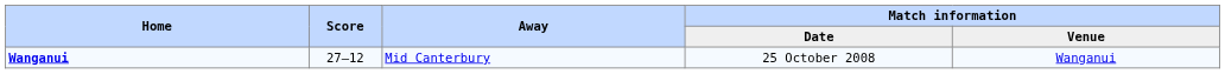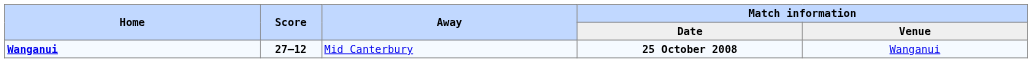 <table border=1 style="border-collapse:collapse;text-align:center" cellpadding=3 cellspacing=0 width=100%>
 <tr bgcolor=#C1D8FF>
 <th rowspan=2 width=25%>Home</th>
 <th rowspan=2 width=6%>Score</th>
 <th rowspan=2 width=25%>Away</th>
 <th colspan=6>Match information</th>
 </tr>
 <tr bgcolor=#EFEFEF>
 <th width=22%>Date</th>
 <th width=22%>Venue</th>
 </tr>
 <tr bgcolor=#F5FAFF>
 <td align=left><strong><a href='#'>Wanganui</a></strong></td>
-<td>27–12</td>
+<td><strong>27–12</strong></td>
 <td align=left><a href='#'>Mid Canterbury</a></td>
-<td>25 October 2008</td>
+<td><strong>25 October 2008</strong></td>
 <td><a href='#'>Wanganui</a></td>
 </tr>
 </table>
